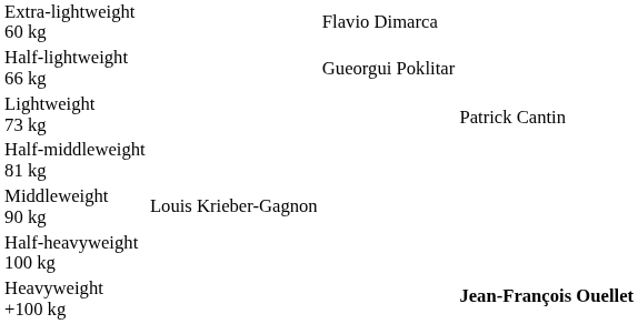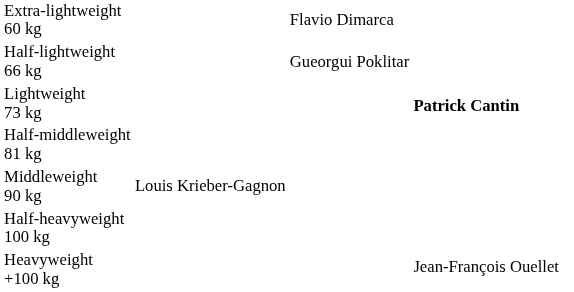 <table>
 <tr>
 <td rowspan=2>Extra-lightweight<br>60 kg</td>
 <td rowspan=2></td>
 <td rowspan=2>Flavio Dimarca<br></td>
 <td></td>
 </tr>
 <tr>
 <td></td>
 </tr>
 <tr>
 <td rowspan=2>Half-lightweight<br>66 kg</td>
 <td rowspan=2></td>
 <td rowspan=2 nowrap>Gueorgui Poklitar<br></td>
 <td nowrap></td>
 </tr>
 <tr>
 <td></td>
 </tr>
 <tr>
 <td rowspan=2>Lightweight<br>73 kg</td>
 <td rowspan=2></td>
 <td rowspan=2 nowrap></td>
 <td></td>
 </tr>
 <tr>
-<td>Patrick Cantin<br></td>
+<td><strong>Patrick Cantin<br></strong></td>
 </tr>
 <tr>
 <td rowspan=2>Half-middleweight<br>81 kg</td>
 <td rowspan=2></td>
 <td rowspan=2></td>
 <td></td>
 </tr>
 <tr>
 <td></td>
 </tr>
 <tr>
 <td rowspan=2>Middleweight<br>90 kg</td>
 <td rowspan=2 nowrap>Louis Krieber-Gagnon<br></td>
 <td rowspan=2></td>
 <td></td>
 </tr>
 <tr>
 <td></td>
 </tr>
 <tr>
 <td rowspan=2>Half-heavyweight<br>100 kg</td>
 <td rowspan=2></td>
 <td rowspan=2 nowrap></td>
 <td></td>
 </tr>
 <tr>
 <td></td>
 </tr>
 <tr>
 <td rowspan=2>Heavyweight<br>+100 kg</td>
 <td rowspan=2></td>
 <td rowspan=2 nowrap></td>
-<td><strong>Jean-François Ouellet<br></strong></td>
+<td>Jean-François Ouellet<br></td>
 </tr>
 <tr>
 <td></td>
 </tr>
 </table>
